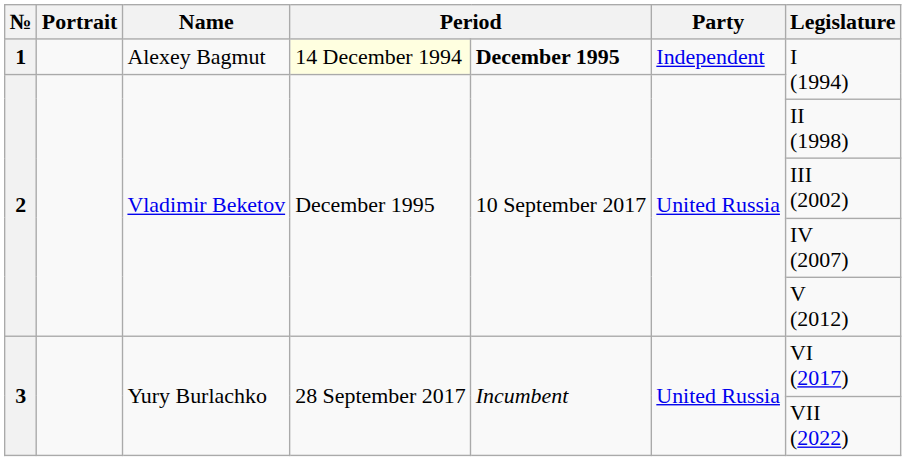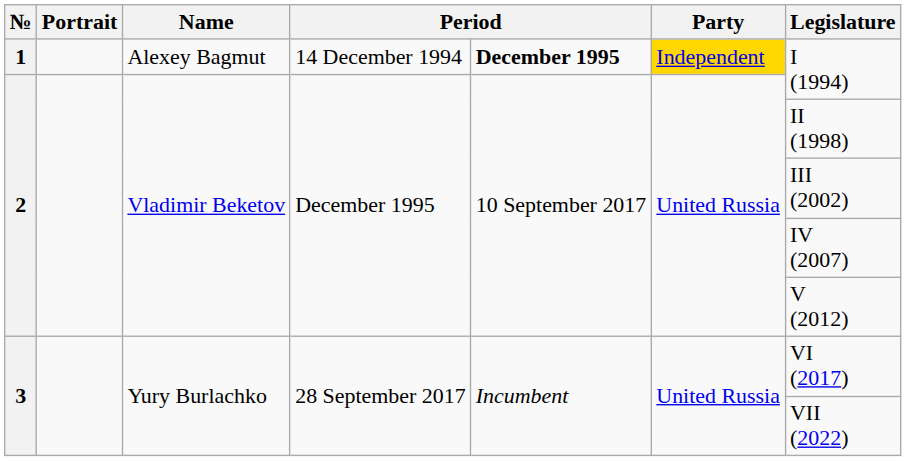 <table class="wikitable">
 <tr>
 <th>№</th>
 <th>Portrait</th>
 <th>Name</th>
 <th colspan="2">Period</th>
 <th>Party</th>
 <th>Legislature</th>
 </tr>
 <tr>
 <th align="center" style="background:">1</th>
 <td></td>
 <td>Alexey Bagmut</td>
-<td style="background: lightyellow;">14 December 1994</td>
+<td>14 December 1994</td>
 <td><strong>December 1995</strong></td>
-<td><a href='#'>Independent</a></td>
+<td style="background: gold;"><a href='#'>Independent</a></td>
 <td rowspan=2>I<br>(1994)</td>
 </tr>
 <tr>
 <th rowspan=5 align="center" style="background:">2</th>
 <td rowspan=5></td>
 <td rowspan=5><a href='#'>Vladimir Beketov</a></td>
 <td rowspan=5>December 1995</td>
 <td rowspan=5>10 September 2017</td>
 <td rowspan=5><a href='#'>United Russia</a></td>
 </tr>
 <tr>
 <td>II<br>(1998)</td>
 </tr>
 <tr>
 <td>III<br>(2002)</td>
 </tr>
 <tr>
 <td>IV<br>(2007)</td>
 </tr>
 <tr>
 <td>V<br>(2012)</td>
 </tr>
 <tr>
 <th rowspan=2 align="center" style="background:">3</th>
 <td rowspan=2></td>
 <td rowspan=2>Yury Burlachko</td>
 <td rowspan=2>28 September 2017</td>
 <td rowspan=2><em>Incumbent</em></td>
 <td rowspan=2><a href='#'>United Russia</a></td>
 <td>VI<br>(<a href='#'>2017</a>)</td>
 </tr>
 <tr>
 <td>VII<br>(<a href='#'>2022</a>)</td>
 </tr>
 </table>
